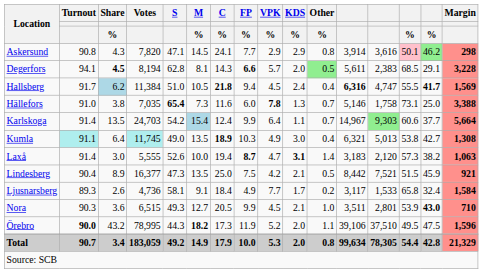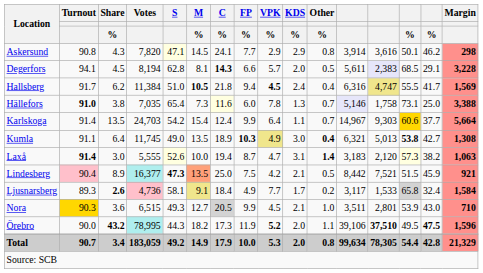 <table class="wikitable sortable" style="text-align:right; font-size:95%; line-height:20px;">
 <tr>
 <th rowspan="3">Location</th>
 <th>Turnout</th>
 <th>Share</th>
 <th>Votes</th>
 <th width="30px" class="unsortable"><a href='#'>S</a></th>
 <th width="30px" class="unsortable"><a href='#'>M</a></th>
 <th width="30px" class="unsortable"><a href='#'>C</a></th>
 <th width="30px" class="unsortable"><a href='#'>FP</a></th>
 <th width="30px" class="unsortable"><a href='#'>VPK</a></th>
 <th width="30px" class="unsortable"><a href='#'>KDS</a></th>
 <th width="30px" class="unsortable">Other</th>
 <th></th>
 <th></th>
 <th></th>
 <th></th>
 <th>Margin</th>
 </tr>
 <tr>
 <th></th>
 <th></th>
 <th></th>
 <th style="background:"></th>
 <th style="background:"></th>
 <th style="background:"></th>
 <th style="background:"></th>
 <th style="background:"></th>
 <th style="background:"></th>
 <th style="background:"></th>
 <th style="background:"></th>
 <th style="background:"></th>
 <th style="background:"></th>
 <th style="background:"></th>
 <th></th>
 </tr>
 <tr>
 <th></th>
 <th data-sort-type="number">%</th>
 <th data-sort-type="number"></th>
 <th></th>
 <th data-sort-type="number">%</th>
 <th data-sort-type="number">%</th>
 <th data-sort-type="number">%</th>
 <th data-sort-type="number">%</th>
 <th data-sort-type="number">%</th>
 <th data-sort-type="number">%</th>
 <th data-sort-type="number"></th>
 <th data-sort-type="number"></th>
 <th data-sort-type="number">%</th>
 <th data-sort-type="number">%</th>
 <th data-sort-type="number"></th>
 </tr>
 <tr>
 <td align=left><a href='#'>Askersund</a></td>
 <td>90.8</td>
 <td>4.3</td>
 <td>7,820</td>
-<td>47.1</td>
+<td style="background: lightyellow;">47.1</td>
 <td>14.5</td>
 <td>24.1</td>
 <td>7.7</td>
 <td>2.9</td>
 <td>2.9</td>
 <td>0.8</td>
 <td>3,914</td>
 <td>3,616</td>
-<td style="background: pink;">50.1</td>
-<td style="background: lightgreen;">46.2</td>
+<td>50.1</td>
+<td>46.2</td>
 <td bgcolor=#ff908c><strong>298</strong></td>
 </tr>
 <tr>
 <td align=left><a href='#'>Degerfors</a></td>
 <td>94.1</td>
-<td><strong>4.5</strong></td>
+<td>4.5</td>
 <td>8,194</td>
 <td>62.8</td>
 <td>8.1</td>
-<td>14.3</td>
-<td><strong>6.6</strong></td>
+<td><strong>14.3</strong></td>
+<td>6.6</td>
 <td>5.7</td>
 <td>2.0</td>
-<td style="background: lightgreen;">0.5</td>
+<td>0.5</td>
 <td>5,611</td>
-<td>2,383</td>
+<td style="background: lavender;">2,383</td>
 <td>68.5</td>
 <td>29.1</td>
 <td bgcolor=#ff908c><strong>3,228</strong></td>
 </tr>
 <tr>
 <td align=left><a href='#'>Hallsberg</a></td>
 <td>91.7</td>
-<td style="background: lightblue;">6.2</td>
+<td>6.2</td>
 <td>11,384</td>
 <td>51.0</td>
-<td>10.5</td>
-<td><strong>21.8</strong></td>
+<td><strong>10.5</strong></td>
+<td>21.8</td>
 <td>9.4</td>
-<td>4.5</td>
+<td><strong>4.5</strong></td>
 <td>2.4</td>
 <td>0.4</td>
-<td><strong>6,316</strong></td>
-<td>4,747</td>
+<td>6,316</td>
+<td style="background: khaki;">4,747</td>
 <td>55.5</td>
-<td><strong>41.7</strong></td>
+<td>41.7</td>
 <td bgcolor=#ff908c><strong>1,569</strong></td>
 </tr>
 <tr>
 <td align=left><a href='#'>Hällefors</a></td>
-<td>91.0</td>
+<td><strong>91.0</strong></td>
 <td>3.8</td>
 <td>7,035</td>
-<td><strong>65.4</strong></td>
+<td>65.4</td>
 <td>7.3</td>
-<td>11.6</td>
+<td style="background: lightyellow;">11.6</td>
 <td>6.0</td>
-<td><strong>7.8</strong></td>
+<td>7.8</td>
 <td>1.3</td>
 <td>0.7</td>
-<td>5,146</td>
+<td style="background: lavender;">5,146</td>
 <td>1,758</td>
 <td>73.1</td>
 <td>25.0</td>
 <td bgcolor=#ff908c><strong>3,388</strong></td>
 </tr>
 <tr>
 <td align=left><a href='#'>Karlskoga</a></td>
 <td>91.4</td>
 <td>13.5</td>
 <td>24,703</td>
 <td>54.2</td>
-<td style="background: lightblue;">15.4</td>
+<td>15.4</td>
 <td>12.4</td>
 <td>9.9</td>
 <td>6.4</td>
 <td>1.1</td>
 <td>0.7</td>
 <td>14,967</td>
-<td style="background: lightgreen;">9,303</td>
-<td>60.6</td>
+<td>9,303</td>
+<td style="background: gold;">60.6</td>
 <td>37.7</td>
 <td bgcolor=#ff908c><strong>5,664</strong></td>
 </tr>
 <tr>
 <td align=left><a href='#'>Kumla</a></td>
-<td style="background: paleturquoise;">91.1</td>
+<td>91.1</td>
 <td>6.4</td>
-<td style="background: paleturquoise;">11,745</td>
+<td>11,745</td>
 <td>49.0</td>
 <td>13.5</td>
-<td><strong>18.9</strong></td>
-<td>10.3</td>
-<td>4.9</td>
+<td>18.9</td>
+<td><strong>10.3</strong></td>
+<td style="background: khaki;">4.9</td>
 <td>3.0</td>
-<td>0.4</td>
+<td><strong>0.4</strong></td>
 <td>6,321</td>
 <td>5,013</td>
-<td>53.8</td>
+<td><strong>53.8</strong></td>
 <td>42.7</td>
 <td bgcolor=#ff908c><strong>1,308</strong></td>
 </tr>
 <tr>
 <td align=left><a href='#'>Laxå</a></td>
-<td>91.4</td>
+<td><strong>91.4</strong></td>
 <td>3.0</td>
 <td>5,555</td>
-<td>52.6</td>
+<td style="background: lightyellow;">52.6</td>
 <td>10.0</td>
 <td>19.4</td>
-<td><strong>8.7</strong></td>
+<td>8.7</td>
 <td>4.7</td>
-<td><strong>3.1</strong></td>
-<td>1.4</td>
+<td>3.1</td>
+<td><strong>1.4</strong></td>
 <td>3,183</td>
 <td>2,120</td>
-<td>57.3</td>
+<td style="background: lightyellow;">57.3</td>
 <td>38.2</td>
 <td bgcolor=#ff908c><strong>1,063</strong></td>
 </tr>
 <tr>
 <td align=left><a href='#'>Lindesberg</a></td>
-<td>90.4</td>
+<td style="background: pink;">90.4</td>
 <td>8.9</td>
-<td>16,377</td>
-<td>47.3</td>
-<td>13.5</td>
+<td style="background: paleturquoise;">16,377</td>
+<td><strong>47.3</strong></td>
+<td style="background: lightsalmon;">13.5</td>
 <td>25.0</td>
 <td>7.5</td>
 <td>4.2</td>
 <td>2.1</td>
 <td>0.5</td>
 <td>8,442</td>
 <td>7,521</td>
 <td>51.5</td>
 <td>45.9</td>
 <td bgcolor=#ff908c><strong>921</strong></td>
 </tr>
 <tr>
 <td align=left><a href='#'>Ljusnarsberg</a></td>
 <td>89.3</td>
-<td>2.6</td>
-<td>4,736</td>
+<td><strong>2.6</strong></td>
+<td style="background: pink;">4,736</td>
 <td>58.1</td>
-<td>9.1</td>
+<td style="background: khaki;">9.1</td>
 <td>18.4</td>
 <td>4.9</td>
 <td>7.7</td>
 <td>1.7</td>
 <td>0.2</td>
 <td>3,117</td>
 <td>1,533</td>
-<td>65.8</td>
+<td style="background: lightgrey;">65.8</td>
 <td>32.4</td>
 <td bgcolor=#ff908c><strong>1,584</strong></td>
 </tr>
 <tr>
 <td align=left><a href='#'>Nora</a></td>
-<td>90.3</td>
+<td style="background: gold;">90.3</td>
 <td>3.6</td>
 <td>6,515</td>
 <td>49.3</td>
 <td>12.7</td>
-<td>20.5</td>
+<td style="background: lightgrey;">20.5</td>
 <td>9.9</td>
 <td>4.5</td>
 <td>2.1</td>
 <td>1.0</td>
 <td>3,511</td>
 <td>2,801</td>
 <td>53.9</td>
-<td><strong>43.0</strong></td>
+<td>43.0</td>
 <td bgcolor=#ff908c><strong>710</strong></td>
 </tr>
 <tr>
 <td align=left><a href='#'>Örebro</a></td>
-<td><strong>90.0</strong></td>
-<td>43.2</td>
-<td>78,995</td>
+<td>90.0</td>
+<td><strong>43.2</strong></td>
+<td style="background: paleturquoise;">78,995</td>
 <td>44.3</td>
-<td><strong>18.2</strong></td>
+<td>18.2</td>
 <td>17.3</td>
 <td>11.9</td>
-<td>5.2</td>
+<td><strong>5.2</strong></td>
 <td>2.0</td>
 <td>1.1</td>
 <td>39,106</td>
-<td>37,510</td>
+<td><strong>37,510</strong></td>
 <td>49.5</td>
-<td>47.5</td>
+<td><strong>47.5</strong></td>
 <td bgcolor=#ff908c><strong>1,596</strong></td>
 </tr>
 <tr>
 </tr>
 <tr style="background:#CDCDCD;">
 <td align=left><strong>Total</strong></td>
 <td><strong>90.7</strong></td>
 <td><strong>3.4</strong></td>
 <td><strong>183,059</strong></td>
 <td><strong>49.2</strong></td>
 <td><strong>14.9</strong></td>
 <td><strong>17.9</strong></td>
 <td><strong>10.0</strong></td>
 <td><strong>5.3</strong></td>
 <td><strong>2.0</strong></td>
 <td><strong>0.8</strong></td>
 <td><strong>99,634</strong></td>
 <td><strong>78,305</strong></td>
 <td><strong>54.4</strong></td>
 <td><strong>42.8</strong></td>
 <td bgcolor=#ff908c><strong>21,329</strong></td>
 </tr>
 <tr>
 <td align=left colspan=16>Source: SCB </td>
 </tr>
 </table>
